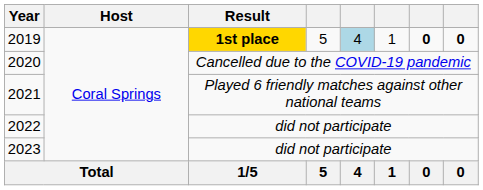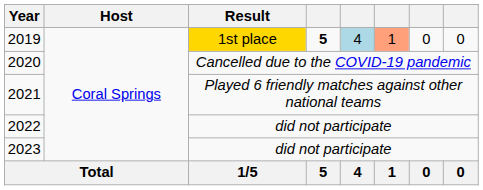 <table class="wikitable" style="text-align:center">
 <tr>
 <th width=30>Year</th>
 <th width=150>Host</th>
 <th width=120>Result</th>
 <th width=30></th>
 <th width=30></th>
 <th width=30></th>
 <th width=30></th>
 <th width=30></th>
 </tr>
 <tr>
 <td>2019</td>
 <td rowspan=5> <a href='#'>Coral Springs</a></td>
-<td bgcolor="#FFD700"><strong> 1st place<br></strong></td>
-<td>5</td>
+<td bgcolor="#FFD700"> 1st place<br></td>
+<td><strong>5</strong></td>
 <td style="background: lightblue;">4</td>
-<td>1</td>
-<td><strong>0</strong></td>
-<td><strong>0</strong></td>
+<td style="background: lightsalmon;">1</td>
+<td>0</td>
+<td>0</td>
 </tr>
 <tr>
 <td>2020</td>
 <td colspan=6><em>Cancelled due to the <a href='#'>COVID-19 pandemic</a></em></td>
 </tr>
 <tr>
 <td>2021</td>
 <td colspan=6><em>Played 6 friendly matches against other national teams</em></td>
 </tr>
 <tr>
 <td>2022</td>
 <td colspan=6><em>did not participate</em></td>
 </tr>
 <tr>
 <td>2023</td>
 <td colspan=6><em>did not participate</em></td>
 </tr>
 <tr>
 <th colspan=2>Total</th>
 <th>1/5</th>
 <th>5</th>
 <th>4</th>
 <th>1</th>
 <th>0</th>
 <th>0</th>
 </tr>
 </table>
